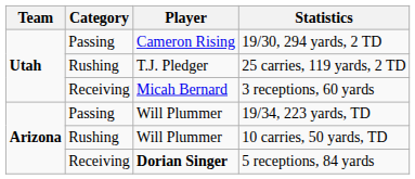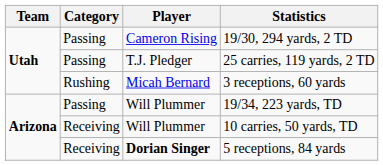 <table class="wikitable" style="float: right;">
 <tr>
 <th>Team</th>
 <th>Category</th>
 <th>Player</th>
 <th>Statistics</th>
 </tr>
 <tr>
 <td rowspan=3><strong>Utah</strong></td>
 <td>Passing</td>
 <td><a href='#'>Cameron Rising</a></td>
 <td>19/30, 294 yards, 2 TD</td>
 </tr>
 <tr>
-<td>Rushing</td>
+<td>Passing</td>
 <td>T.J. Pledger</td>
 <td>25 carries, 119 yards, 2 TD</td>
 </tr>
 <tr>
-<td>Receiving</td>
+<td>Rushing</td>
 <td><a href='#'>Micah Bernard</a></td>
 <td>3 receptions, 60 yards</td>
 </tr>
 <tr>
 <td rowspan=3><strong>Arizona</strong></td>
 <td>Passing</td>
 <td>Will Plummer</td>
 <td>19/34, 223 yards, TD</td>
 </tr>
 <tr>
-<td>Rushing</td>
+<td>Receiving</td>
 <td>Will Plummer</td>
 <td>10 carries, 50 yards, TD</td>
 </tr>
 <tr>
 <td>Receiving</td>
 <td><strong>Dorian Singer</strong></td>
 <td>5 receptions, 84 yards</td>
 </tr>
 </table>
